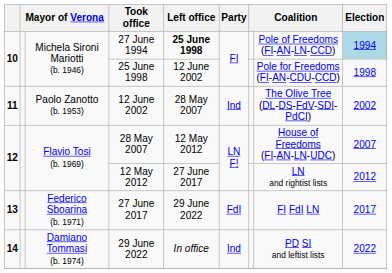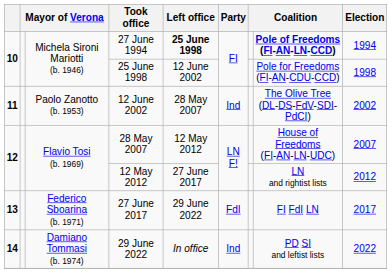 <table class="wikitable" style="text-align: center;">
 <tr>
 <th><br></th>
 <th colspan="2">Mayor of <a href='#'>Verona</a></th>
 <th>Took office</th>
 <th>Left office</th>
 <th>Party</th>
 <th colspan="2">Coalition</th>
 <th>Election</th>
 </tr>
 <tr>
 <td rowspan="2" style="background: "><strong>10</strong></td>
 <td rowspan="2"></td>
 <td rowspan="2">Michela Sironi Mariotti <br><small>(b. 1946)</small></td>
 <td>27 June 1994</td>
 <td><strong>25 June 1998</strong></td>
 <td rowspan="2"><a href='#'>FI</a></td>
 <td style="background: "></td>
-<td><a href='#'>Pole of Freedoms</a><br>(<a href='#'>FI</a>-<a href='#'>AN</a>-<a href='#'>LN</a>-<a href='#'>CCD</a>)</td>
-<td style="background: lightblue;"><a href='#'>1994</a></td>
+<td><strong><a href='#'>Pole of Freedoms</a><br>(<a href='#'>FI</a>-<a href='#'>AN</a>-<a href='#'>LN</a>-<a href='#'>CCD</a>)</strong></td>
+<td><a href='#'>1994</a></td>
 </tr>
 <tr>
 <td>25 June 1998</td>
 <td>12 June 2002</td>
 <td style="background: "></td>
 <td><a href='#'>Pole for Freedoms</a><br>(<a href='#'>FI</a>-<a href='#'>AN</a>-<a href='#'>CDU</a>-<a href='#'>CCD</a>)</td>
 <td><a href='#'>1998</a></td>
 </tr>
 <tr>
 <td rowspan="1" style="background: "><strong>11</strong></td>
 <td rowspan="1"></td>
 <td rowspan="1">Paolo Zanotto <br><small>(b. 1953)</small></td>
 <td>12 June 2002</td>
 <td>28 May 2007</td>
 <td rowspan="1"><a href='#'>Ind</a></td>
 <td style="background: "></td>
 <td><a href='#'>The Olive Tree</a><br>(<a href='#'>DL</a>-<a href='#'>DS</a>-<a href='#'>FdV</a>-<a href='#'>SDI</a>-<a href='#'>PdCI</a>)</td>
 <td><a href='#'>2002</a></td>
 </tr>
 <tr>
 <td rowspan="2" style="background: "><strong>12</strong></td>
 <td rowspan="2"></td>
 <td rowspan="2"><a href='#'>Flavio Tosi</a> <br><small>(b. 1969)</small></td>
 <td>28 May 2007</td>
 <td>12 May 2012</td>
 <td rowspan="2"><a href='#'>LN</a><br><a href='#'>F!</a></td>
 <td style="background: "></td>
 <td><a href='#'>House of Freedoms</a><br>(<a href='#'>FI</a>-<a href='#'>AN</a>-<a href='#'>LN</a>-<a href='#'>UDC</a>)</td>
 <td><a href='#'>2007</a></td>
 </tr>
 <tr>
 <td>12 May 2012</td>
 <td>27 June 2017</td>
 <td style="background: "></td>
 <td><a href='#'>LN</a><br><small>and rightist lists</small></td>
 <td><a href='#'>2012</a></td>
 </tr>
 <tr>
 <td rowspan="1" style="background: "><strong>13</strong></td>
 <td rowspan="1"></td>
 <td rowspan="1"><a href='#'>Federico Sboarina</a> <br><small>(b. 1971)</small></td>
 <td rowspan="1">27 June 2017</td>
 <td rowspan="1">29 June 2022</td>
 <td rowspan="1"><a href='#'>FdI</a></td>
 <td style="background: "></td>
 <td><a href='#'>FI</a>  <a href='#'>FdI</a>  <a href='#'>LN</a></td>
 <td><a href='#'>2017</a></td>
 </tr>
 <tr>
 <td rowspan="1" style="background: "><strong>14</strong></td>
 <td rowspan="1"></td>
 <td rowspan="1"><a href='#'>Damiano Tommasi</a> <br><small>(b. 1974)</small></td>
 <td>29 June 2022</td>
 <td><em>In office</em></td>
 <td rowspan="1"><a href='#'>Ind</a></td>
 <td style="background: "></td>
 <td><a href='#'>PD</a>  <a href='#'>SI</a><br><small>and leftist lists</small></td>
 <td><a href='#'>2022</a></td>
 </tr>
 <tr>
 </tr>
 </table>
